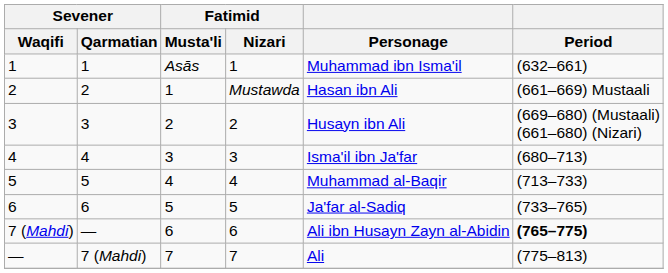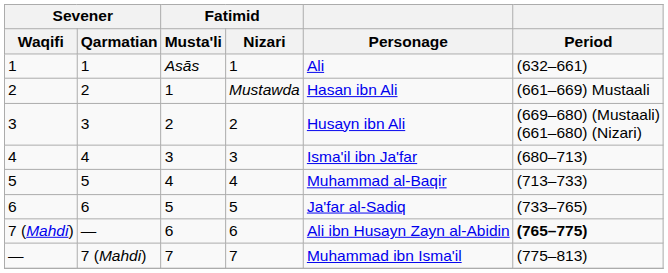 <table class="wikitable">
 <tr>
 <th colspan="2" style="text-align: center">Sevener</th>
 <th colspan="2" style="text-align: center">Fatimid</th>
 <th></th>
 <th></th>
 </tr>
 <tr>
 <th>Waqifi</th>
 <th>Qarmatian</th>
 <th>Musta'li</th>
 <th>Nizari</th>
 <th>Personage</th>
 <th>Period</th>
 </tr>
 <tr>
 <td>1</td>
 <td>1</td>
 <td><em>Asās</em></td>
 <td>1</td>
-<td><a href='#'>Muhammad ibn Isma'il</a></td>
+<td><a href='#'>Ali</a></td>
 <td>(632–661)</td>
 </tr>
 <tr>
 <td>2</td>
 <td>2</td>
 <td>1</td>
 <td><em>Mustawda</em></td>
 <td><a href='#'>Hasan ibn Ali</a></td>
 <td>(661–669) Mustaali</td>
 </tr>
 <tr>
 <td>3</td>
 <td>3</td>
 <td>2</td>
 <td>2</td>
 <td><a href='#'>Husayn ibn Ali</a></td>
 <td>(669–680) (Mustaali)<br>(661–680) (Nizari)</td>
 </tr>
 <tr>
 <td>4</td>
 <td>4</td>
 <td>3</td>
 <td>3</td>
 <td><a href='#'>Isma'il ibn Ja'far</a></td>
 <td>(680–713)</td>
 </tr>
 <tr>
 <td>5</td>
 <td>5</td>
 <td>4</td>
 <td>4</td>
 <td><a href='#'>Muhammad al-Baqir</a></td>
 <td>(713–733)</td>
 </tr>
 <tr>
 <td>6</td>
 <td>6</td>
 <td>5</td>
 <td>5</td>
 <td><a href='#'>Ja'far al-Sadiq</a></td>
 <td>(733–765)</td>
 </tr>
 <tr>
 <td>7 (<em><a href='#'>Mahdi</a></em>)</td>
 <td>—</td>
 <td>6</td>
 <td>6</td>
 <td><a href='#'>Ali ibn Husayn Zayn al-Abidin</a></td>
 <td><strong>(765–775)</strong></td>
 </tr>
 <tr>
 <td>—</td>
 <td>7 (<em>Mahdi</em>)</td>
 <td>7</td>
 <td>7</td>
-<td><a href='#'>Ali</a></td>
+<td><a href='#'>Muhammad ibn Isma'il</a></td>
 <td>(775–813)</td>
 </tr>
 <tr>
 </tr>
 </table>
